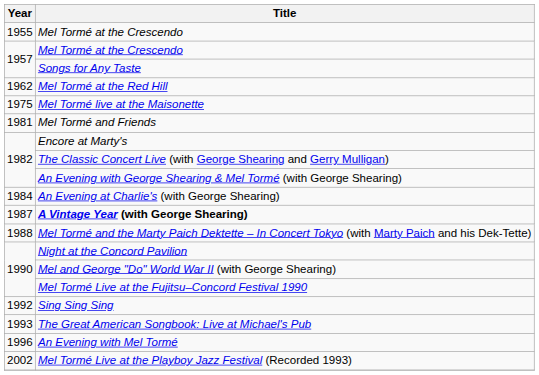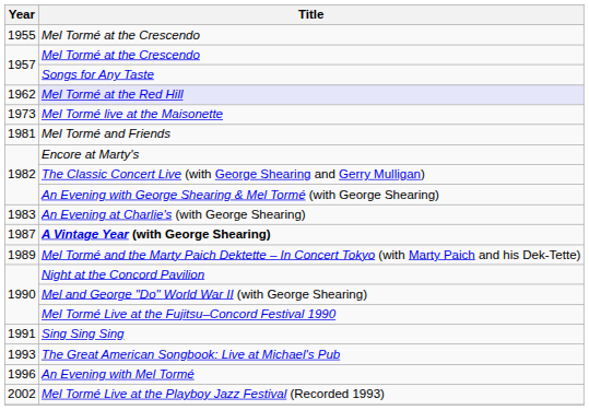 <table class="wikitable">
 <tr>
 <th rowspan="1">Year</th>
 <th rowspan="1">Title</th>
 </tr>
 <tr>
 <td rowspan="1">1955</td>
 <td><em>Mel Tormé at the Crescendo</em></td>
 </tr>
 <tr>
 <td rowspan="2">1957</td>
 <td><em><a href='#'>Mel Tormé at the Crescendo</a></em></td>
 </tr>
 <tr>
 <td><em><a href='#'>Songs for Any Taste</a></em></td>
 </tr>
 <tr>
 <td rowspan="1">1962</td>
-<td><em><a href='#'>Mel Tormé at the Red Hill</a></em></td>
+<td style="background: lavender;"><em><a href='#'>Mel Tormé at the Red Hill</a></em></td>
 </tr>
 <tr>
-<td rowspan="1">1975</td>
+<td rowspan="1">1973</td>
 <td><em><a href='#'>Mel Tormé live at the Maisonette</a></em></td>
 </tr>
 <tr>
 <td rowspan="1">1981</td>
 <td><em>Mel Tormé and Friends</em></td>
 </tr>
 <tr>
 <td rowspan="3">1982</td>
 <td><em>Encore at Marty's</em></td>
 </tr>
 <tr>
 <td><em><a href='#'>The Classic Concert Live</a></em> (with <a href='#'>George Shearing</a> and <a href='#'>Gerry Mulligan</a>)</td>
 </tr>
 <tr>
 <td><em><a href='#'>An Evening with George Shearing & Mel Tormé</a></em> (with George Shearing)</td>
 </tr>
 <tr>
-<td rowspan="1">1984</td>
+<td rowspan="1">1983</td>
 <td><em><a href='#'>An Evening at Charlie's</a></em> (with George Shearing)</td>
 </tr>
 <tr>
 <td rowspan="1">1987</td>
 <td><strong><em><a href='#'>A Vintage Year</a></em> (with George Shearing)</strong></td>
 </tr>
 <tr>
-<td rowspan="1">1988</td>
+<td rowspan="1">1989</td>
 <td><em><a href='#'>Mel Tormé and the Marty Paich Dektette – In Concert Tokyo</a></em> (with <a href='#'>Marty Paich</a> and his Dek-Tette)</td>
 </tr>
 <tr>
 <td rowspan="3">1990</td>
 <td><em><a href='#'>Night at the Concord Pavilion</a></em></td>
 </tr>
 <tr>
 <td><em><a href='#'>Mel and George "Do" World War II</a></em> (with George Shearing)</td>
 </tr>
 <tr>
 <td><em><a href='#'>Mel Tormé Live at the Fujitsu–Concord Festival 1990</a></em></td>
 </tr>
 <tr>
-<td rowspan="1">1992</td>
+<td rowspan="1">1991</td>
 <td><em><a href='#'>Sing Sing Sing</a></em></td>
 </tr>
 <tr>
 <td rowspan="1">1993</td>
 <td><em><a href='#'>The Great American Songbook: Live at Michael's Pub</a></em></td>
 </tr>
 <tr>
 <td rowspan="1">1996</td>
 <td><em><a href='#'>An Evening with Mel Tormé</a></em></td>
 </tr>
 <tr>
 <td rowspan="1">2002</td>
 <td><em><a href='#'>Mel Tormé Live at the Playboy Jazz Festival</a></em> (Recorded 1993)</td>
 </tr>
 <tr>
 </tr>
 </table>
